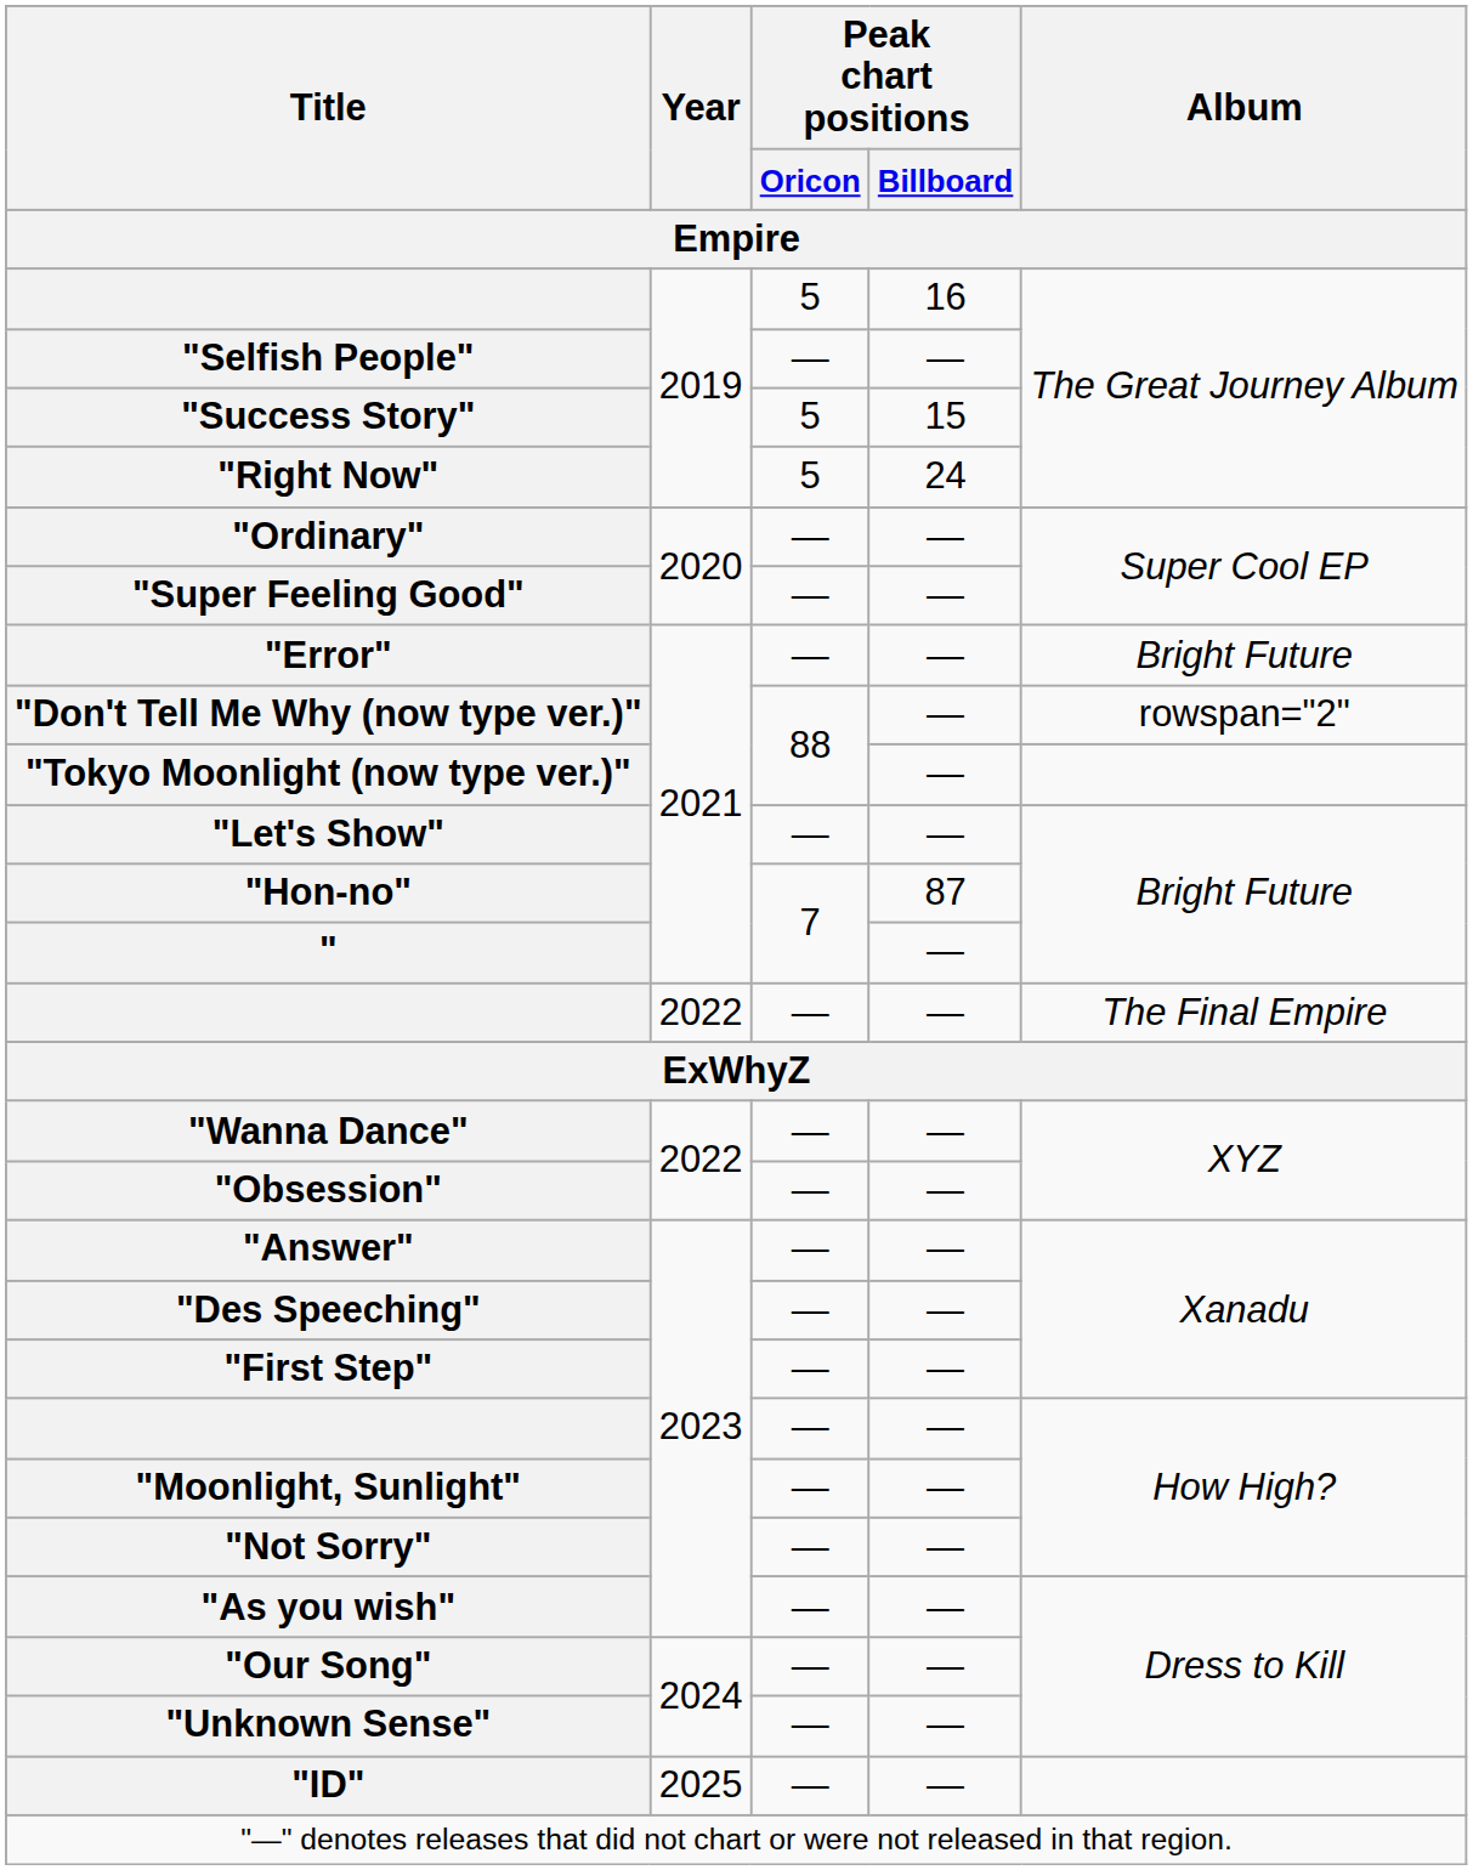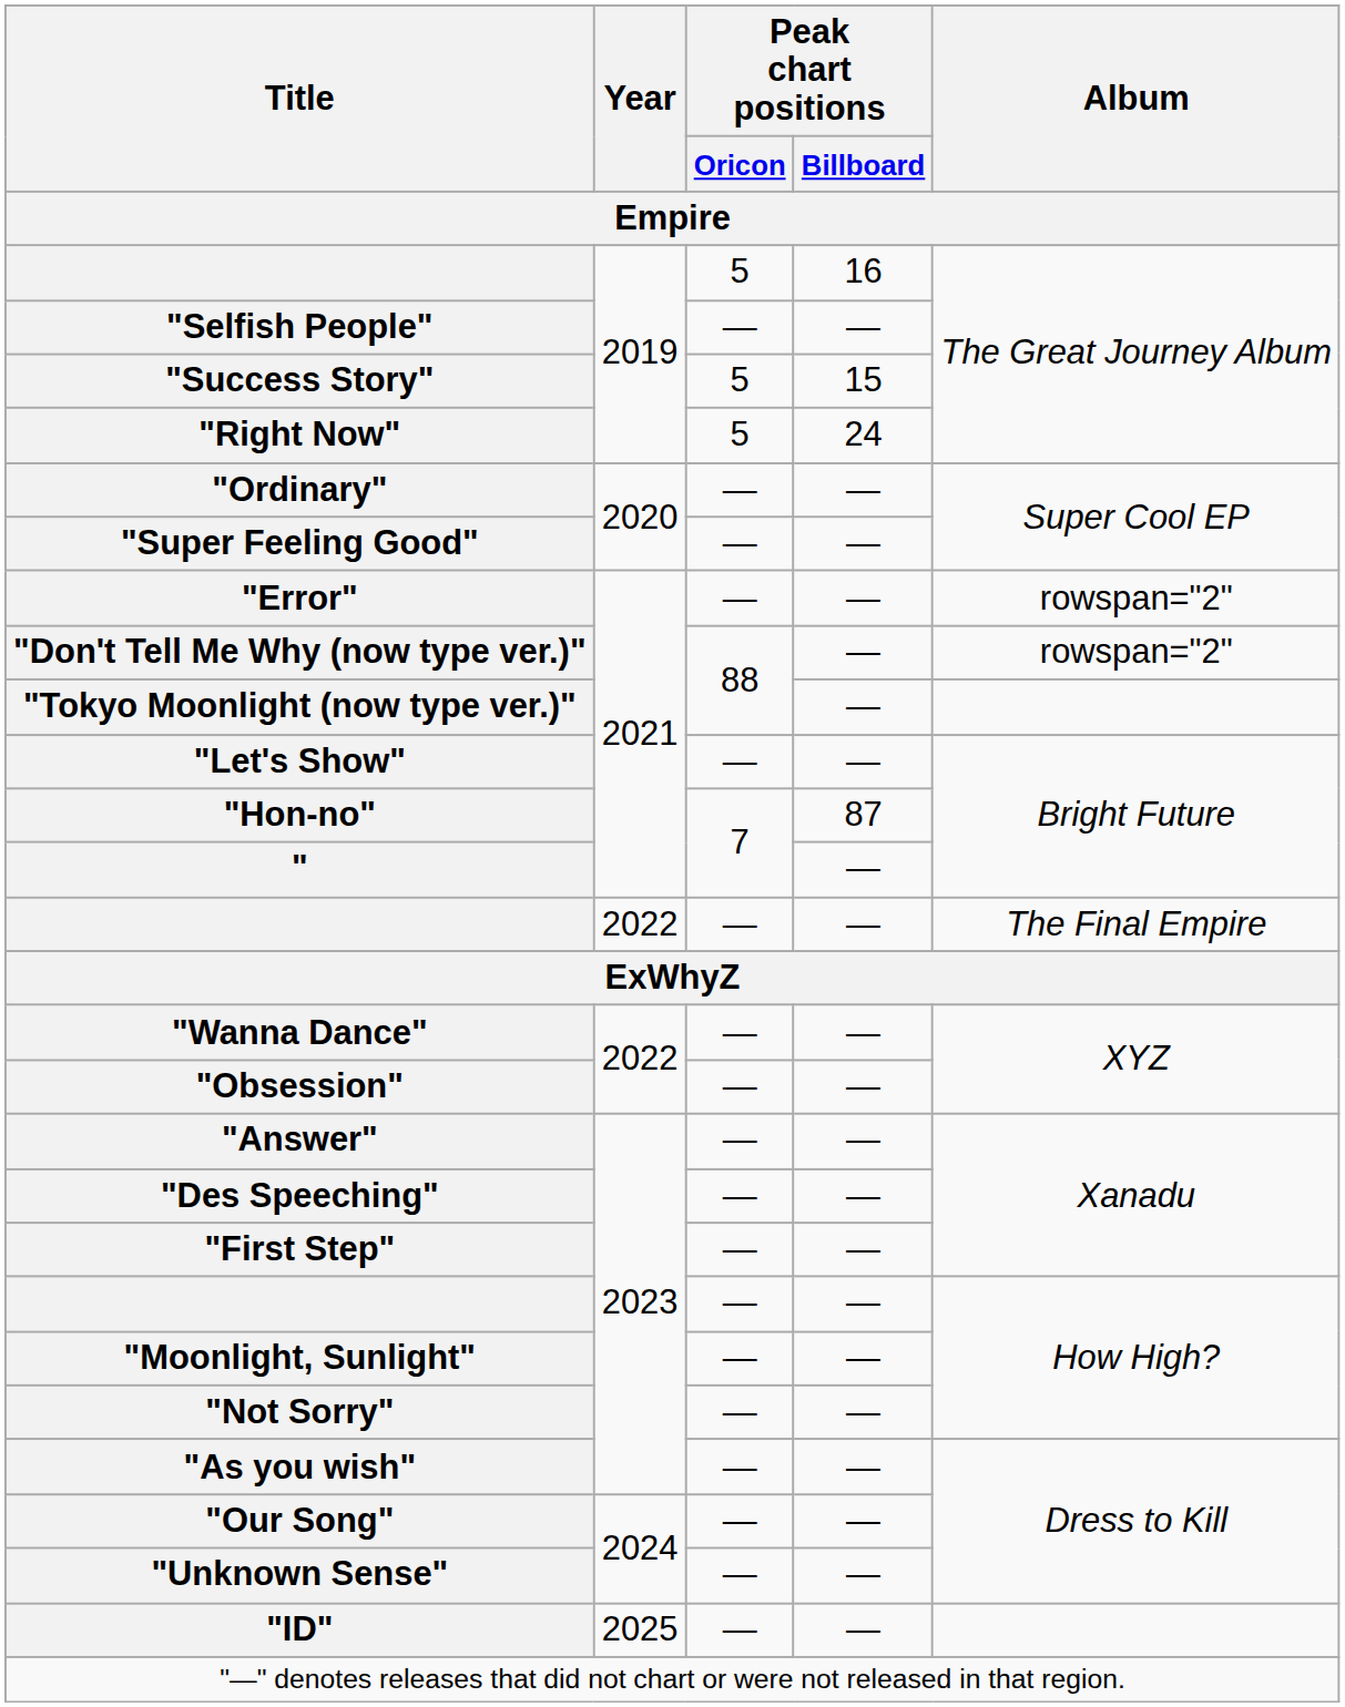 <table class="wikitable plainrowheaders" style="text-align:center;">
 <tr>
 <th scope="col" rowspan="2">Title</th>
 <th scope="col" rowspan="2">Year</th>
 <th scope="col" colspan="2">Peak <br> chart <br> positions</th>
 <th scope="col" rowspan="2">Album</th>
 </tr>
 <tr>
 <th scope="col" style="width:2.5em;"><small><a href='#'>Oricon</a></small></th>
 <th scope="col" style="width:2.5em;"><small><a href='#'>Billboard</a></small></th>
 </tr>
 <tr>
 <th scope="col" colspan="5">Empire</th>
 </tr>
 <tr>
 <th scope="row"></th>
 <td rowspan="4">2019</td>
 <td>5</td>
 <td>16</td>
 <td rowspan="4"><em>The Great Journey Album</em></td>
 </tr>
 <tr>
 <th scope="row">"Selfish People"</th>
 <td>—</td>
 <td>—</td>
 </tr>
 <tr>
 <th scope="row">"Success Story"</th>
 <td>5</td>
 <td>15</td>
 </tr>
 <tr>
 <th scope="row">"Right Now"</th>
 <td>5</td>
 <td>24</td>
 </tr>
 <tr>
 <th scope="row">"Ordinary"</th>
 <td rowspan="2">2020</td>
 <td>—</td>
 <td>—</td>
 <td rowspan="2"><em>Super Cool EP</em></td>
 </tr>
 <tr>
 <th scope="row">"Super Feeling Good"</th>
 <td>—</td>
 <td>—</td>
 </tr>
 <tr>
 <th scope="row">"Error"</th>
 <td rowspan="6">2021</td>
 <td>—</td>
 <td>—</td>
-<td><em>Bright Future</em></td>
+<td>rowspan="2" </td>
 </tr>
 <tr>
 <th scope="row">"Don't Tell Me Why (now type ver.)"</th>
 <td rowspan="2">88</td>
 <td>—</td>
 <td>rowspan="2" </td>
 </tr>
 <tr>
 <th scope="row">"Tokyo Moonlight (now type ver.)"</th>
 <td>—</td>
 </tr>
 <tr>
 <th scope="row">"Let's Show"</th>
 <td>—</td>
 <td>—</td>
 <td rowspan="3"><em>Bright Future</em></td>
 </tr>
 <tr>
 <th scope="row">"Hon-no"</th>
 <td rowspan="2">7</td>
 <td>87</td>
 </tr>
 <tr>
 <th scope="row">"</th>
 <td>—</td>
 </tr>
 <tr>
 <th scope="row"></th>
 <td>2022</td>
 <td>—</td>
 <td>—</td>
 <td><em>The Final Empire</em></td>
 </tr>
 <tr>
 <th scope="col" colspan="5">ExWhyZ</th>
 </tr>
 <tr>
 <th scope="row">"Wanna Dance"</th>
 <td rowspan="2">2022</td>
 <td>—</td>
 <td>—</td>
 <td rowspan="2"><em>XYZ</em></td>
 </tr>
 <tr>
 <th scope="row">"Obsession"</th>
 <td>—</td>
 <td>—</td>
 </tr>
 <tr>
 <th scope="row">"Answer"</th>
 <td rowspan="7">2023</td>
 <td>—</td>
 <td>—</td>
 <td rowspan="3"><em>Xanadu</em></td>
 </tr>
 <tr>
 <th scope="row">"Des Speeching"</th>
 <td>—</td>
 <td>—</td>
 </tr>
 <tr>
 <th scope="row">"First Step"</th>
 <td>—</td>
 <td>—</td>
 </tr>
 <tr>
 <th scope="row"></th>
 <td>—</td>
 <td>—</td>
 <td rowspan="3"><em>How High?</em></td>
 </tr>
 <tr>
 <th scope="row">"Moonlight, Sunlight"</th>
 <td>—</td>
 <td>—</td>
 </tr>
 <tr>
 <th scope="row">"Not Sorry"</th>
 <td>—</td>
 <td>—</td>
 </tr>
 <tr>
 <th scope="row">"As you wish"</th>
 <td>—</td>
 <td>—</td>
 <td rowspan="3"><em>Dress to Kill</em></td>
 </tr>
 <tr>
 <th scope="row">"Our Song"</th>
 <td rowspan="2">2024</td>
 <td>—</td>
 <td>—</td>
 </tr>
 <tr>
 <th scope="row">"Unknown Sense"</th>
 <td>—</td>
 <td>—</td>
 </tr>
 <tr>
 <th scope="row">"ID"</th>
 <td>2025</td>
 <td>—</td>
 <td>—</td>
 <td></td>
 </tr>
 <tr>
 <td colspan="6" style="font-size:80%">"—" denotes releases that did not chart or were not released in that region.</td>
 </tr>
 </table>
